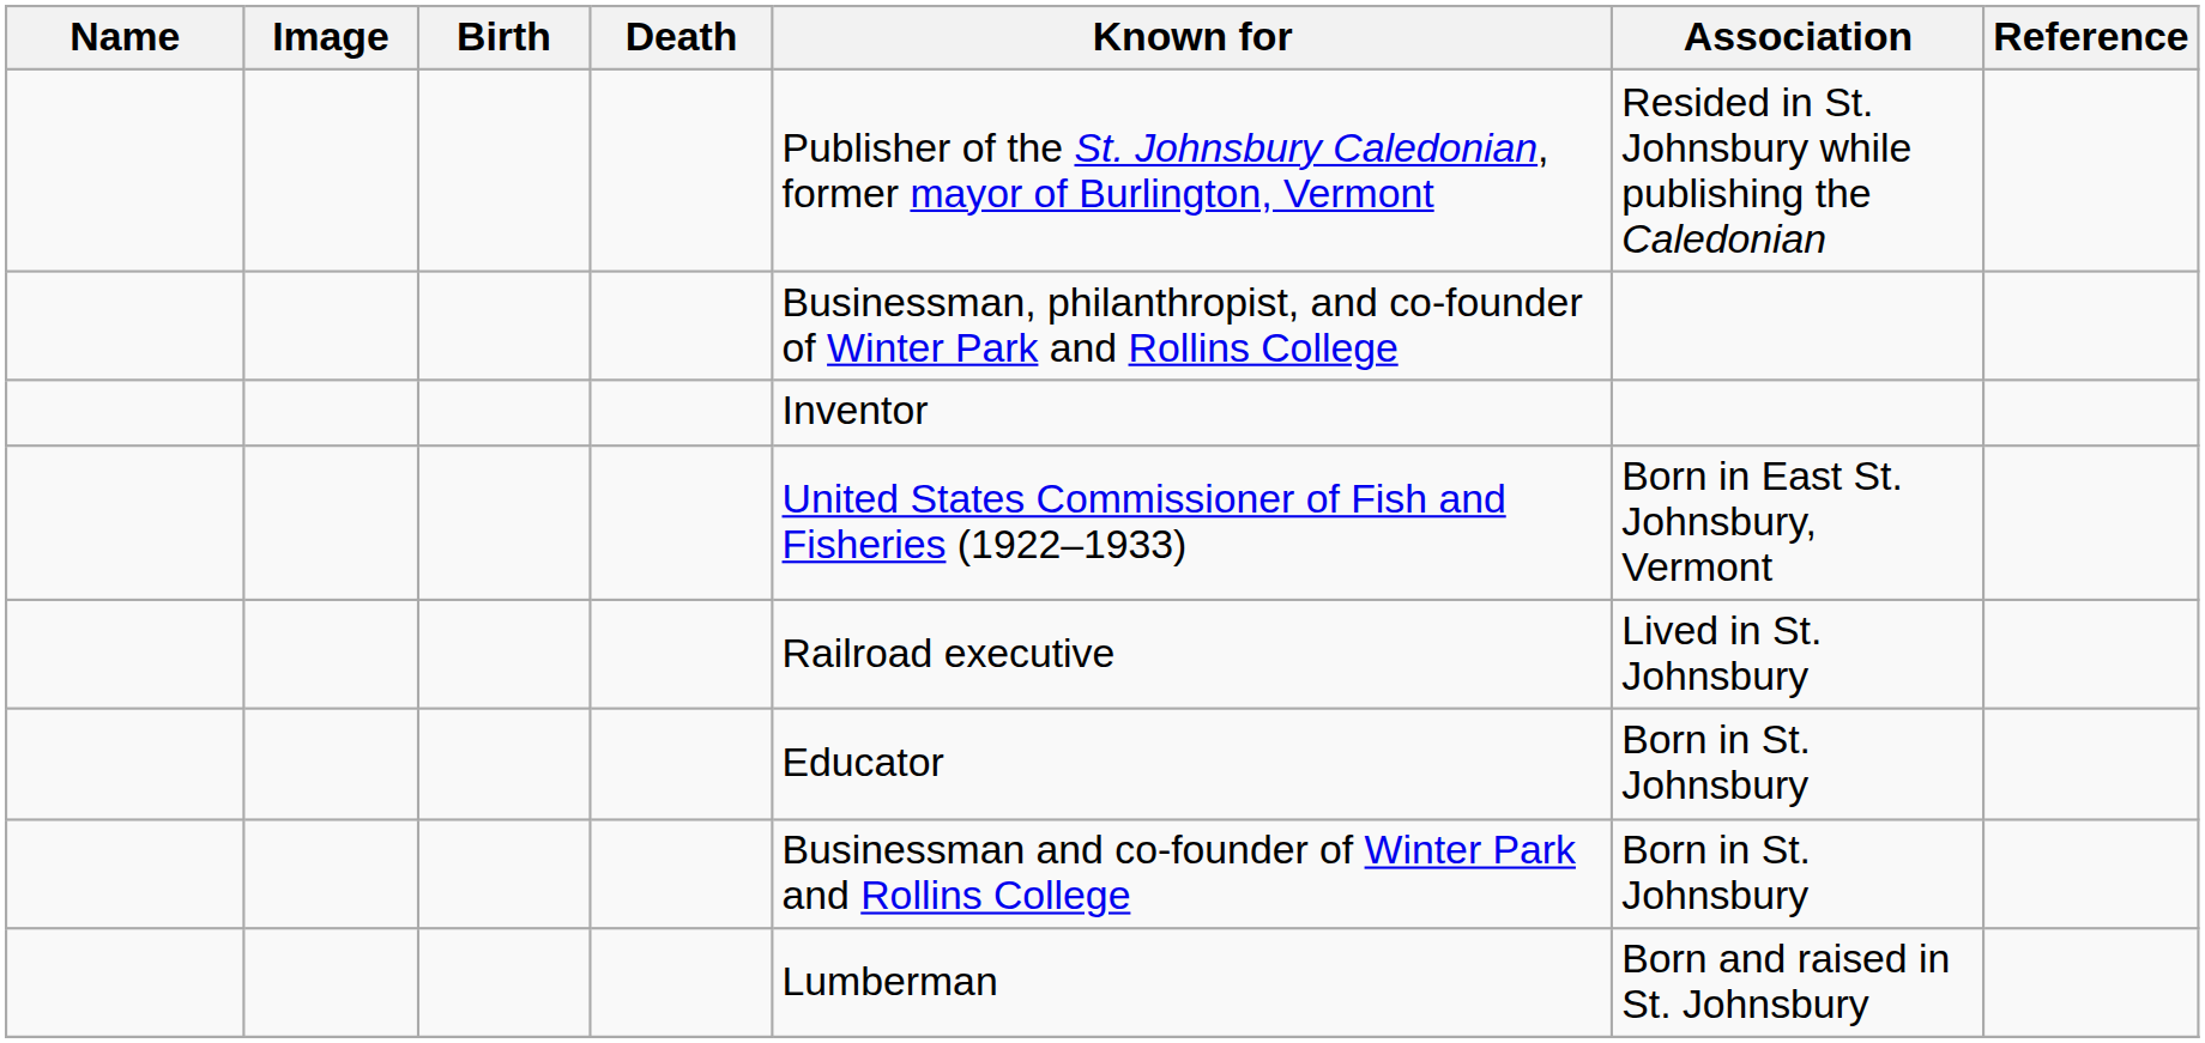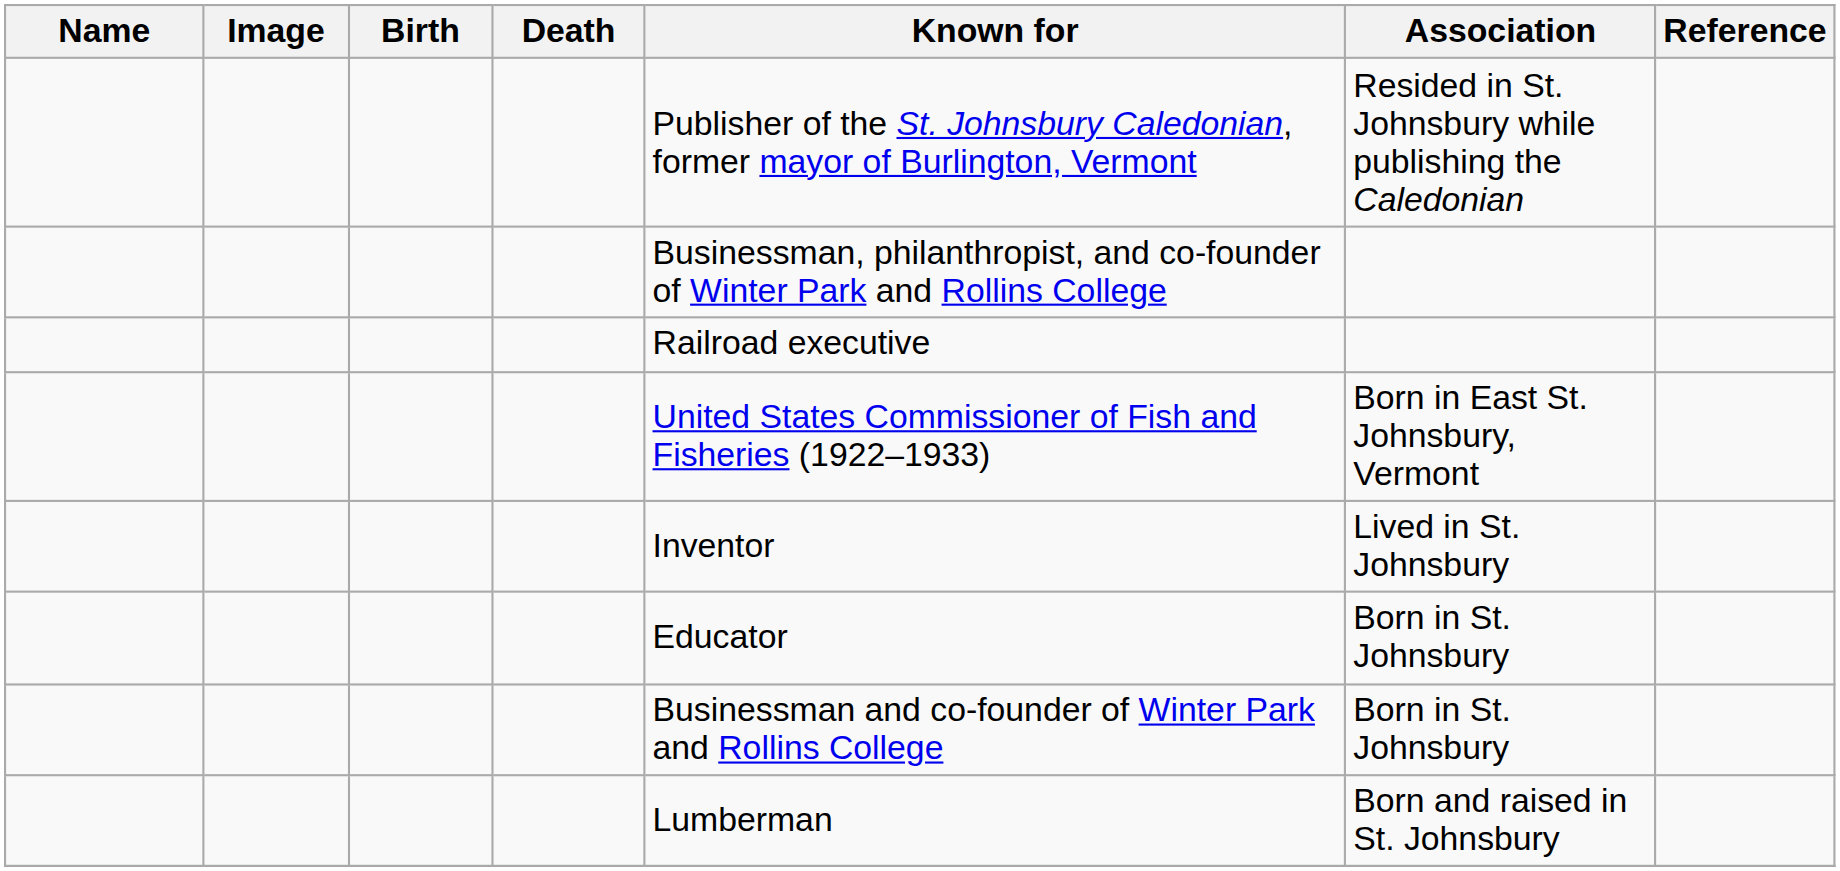 <table class="wikitable sortable">
 <tr>
 <th scope="col" width="140">Name</th>
 <th scope="col" width="80" class="unsortable">Image</th>
 <th scope="col" width="90">Birth</th>
 <th scope="col" width="90">Death</th>
 <th scope="col" width="600" class="unsortable">Known for</th>
 <th scope="col" width="200" class="unsortable">Association</th>
 <th scope="col" width="30" class="unsortable">Reference</th>
 </tr>
 <tr>
 <td></td>
 <td></td>
 <td align=right></td>
 <td align=right></td>
 <td>Publisher of the <em><a href='#'>St. Johnsbury Caledonian</a></em>, former <a href='#'>mayor of Burlington, Vermont</a></td>
 <td>Resided in St. Johnsbury while publishing the <em>Caledonian</em></td>
 <td align="center"></td>
 </tr>
 <tr>
 <td></td>
 <td></td>
 <td align=right></td>
 <td align=right></td>
 <td>Businessman, philanthropist, and co-founder of <a href='#'>Winter Park</a> and <a href='#'>Rollins College</a></td>
 <td></td>
 <td align="center"></td>
 </tr>
 <tr>
 <td></td>
 <td></td>
 <td align=right></td>
 <td align=right></td>
-<td>Inventor</td>
+<td>Railroad executive</td>
 <td></td>
 <td align="center"></td>
 </tr>
 <tr>
 <td></td>
 <td></td>
 <td align=right></td>
 <td align=right></td>
 <td><a href='#'>United States Commissioner of Fish and Fisheries</a> (1922–1933)</td>
 <td>Born in East St. Johnsbury, Vermont</td>
 <td align="center"></td>
 </tr>
 <tr>
 <td></td>
 <td></td>
 <td align=right></td>
 <td align=right></td>
-<td>Railroad executive</td>
+<td>Inventor</td>
 <td>Lived in St. Johnsbury</td>
 <td align="center"></td>
 </tr>
 <tr>
 <td></td>
 <td></td>
 <td align=right></td>
 <td align=right></td>
 <td>Educator</td>
 <td>Born in St. Johnsbury</td>
 <td align="center"></td>
 </tr>
 <tr>
 <td></td>
 <td></td>
 <td align=right></td>
 <td align=right></td>
 <td>Businessman and co-founder of <a href='#'>Winter Park</a> and <a href='#'>Rollins College</a></td>
 <td>Born in St. Johnsbury</td>
 <td align="center"></td>
 </tr>
 <tr>
 <td></td>
 <td></td>
 <td align=right></td>
 <td align=right></td>
 <td>Lumberman</td>
 <td>Born and raised in St. Johnsbury</td>
 <td align="center"></td>
 </tr>
 <tr>
 </tr>
 </table>
